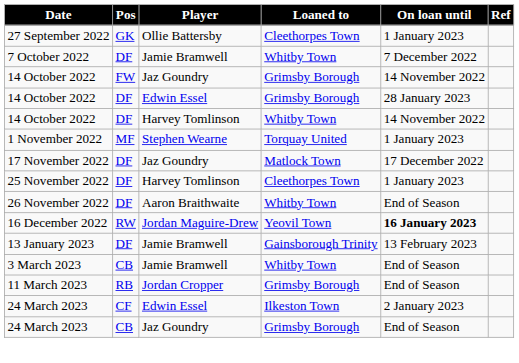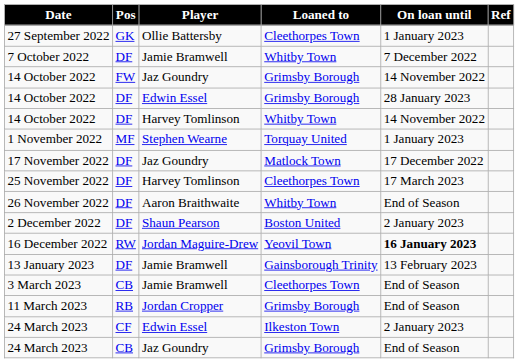 <table class="wikitable plainrowheaders sortable">
 <tr>
 <th style="background:#000000; color:#FFFFFF; ">Date</th>
 <th style="background:#000000; color:#FFFFff; ">Pos</th>
 <th style="background:#000000; color:#FFFFff; ">Player</th>
 <th style="background:#000000; color:#FFFFff; ">Loaned to</th>
 <th style="background:#000000; color:#FFFFff; ">On loan until</th>
 <th style="background:#000000; color:#FFFFff; ">Ref</th>
 </tr>
 <tr>
 <td>27 September 2022</td>
 <td><a href='#'>GK</a></td>
 <td> Ollie Battersby</td>
 <td> <a href='#'>Cleethorpes Town</a></td>
 <td>1 January 2023</td>
 <td></td>
 </tr>
 <tr>
 <td>7 October 2022</td>
 <td><a href='#'>DF</a></td>
 <td> Jamie Bramwell</td>
 <td> <a href='#'>Whitby Town</a></td>
 <td>7 December 2022</td>
 <td></td>
 </tr>
 <tr>
 <td>14 October 2022</td>
 <td><a href='#'>FW</a></td>
 <td> Jaz Goundry</td>
 <td> <a href='#'>Grimsby Borough</a></td>
 <td>14 November 2022</td>
 <td></td>
 </tr>
 <tr>
 <td>14 October 2022</td>
 <td><a href='#'>DF</a></td>
 <td> <a href='#'>Edwin Essel</a></td>
 <td> <a href='#'>Grimsby Borough</a></td>
 <td>28 January 2023</td>
 <td></td>
 </tr>
 <tr>
 <td>14 October 2022</td>
 <td><a href='#'>DF</a></td>
 <td> Harvey Tomlinson</td>
 <td> <a href='#'>Whitby Town</a></td>
 <td>14 November 2022</td>
 <td></td>
 </tr>
 <tr>
 <td>1 November 2022</td>
 <td><a href='#'>MF</a></td>
 <td> <a href='#'>Stephen Wearne</a></td>
 <td> <a href='#'>Torquay United</a></td>
 <td>1 January 2023</td>
 <td></td>
 </tr>
 <tr>
 <td>17 November 2022</td>
 <td><a href='#'>DF</a></td>
 <td> Jaz Goundry</td>
 <td> <a href='#'>Matlock Town</a></td>
 <td>17 December 2022</td>
 <td></td>
 </tr>
 <tr>
 <td>25 November 2022</td>
 <td><a href='#'>DF</a></td>
 <td> Harvey Tomlinson</td>
 <td> <a href='#'>Cleethorpes Town</a></td>
-<td>1 January 2023</td>
+<td>17 March 2023</td>
 <td></td>
 </tr>
 <tr>
 <td>26 November 2022</td>
 <td><a href='#'>DF</a></td>
 <td> Aaron Braithwaite</td>
 <td> <a href='#'>Whitby Town</a></td>
 <td>End of Season</td>
+<td></td>
+</tr>
+<tr>
+<td>2 December 2022</td>
+<td><a href='#'>DF</a></td>
+<td> <a href='#'>Shaun Pearson</a></td>
+<td> <a href='#'>Boston United</a></td>
+<td>2 January 2023</td>
 <td></td>
 </tr>
 <tr>
 <td>16 December 2022</td>
 <td><a href='#'>RW</a></td>
 <td> <a href='#'>Jordan Maguire-Drew</a></td>
 <td> <a href='#'>Yeovil Town</a></td>
 <td><strong>16 January 2023</strong></td>
 <td></td>
 </tr>
 <tr>
 <td>13 January 2023</td>
 <td><a href='#'>DF</a></td>
 <td> Jamie Bramwell</td>
 <td> <a href='#'>Gainsborough Trinity</a></td>
 <td>13 February 2023</td>
 <td></td>
 </tr>
 <tr>
 <td>3 March 2023</td>
 <td><a href='#'>CB</a></td>
 <td> Jamie Bramwell</td>
-<td> <a href='#'>Whitby Town</a></td>
+<td> <a href='#'>Cleethorpes Town</a></td>
 <td>End of Season</td>
 <td></td>
 </tr>
 <tr>
 <td>11 March 2023</td>
 <td><a href='#'>RB</a></td>
 <td> <a href='#'>Jordan Cropper</a></td>
 <td> <a href='#'>Grimsby Borough</a></td>
 <td>End of Season</td>
 <td></td>
 </tr>
 <tr>
 <td>24 March 2023</td>
 <td><a href='#'>CF</a></td>
 <td> <a href='#'>Edwin Essel</a></td>
 <td> <a href='#'>Ilkeston Town</a></td>
 <td>2 January 2023</td>
 <td></td>
 </tr>
 <tr>
 <td>24 March 2023</td>
 <td><a href='#'>CB</a></td>
 <td> Jaz Goundry</td>
 <td> <a href='#'>Grimsby Borough</a></td>
 <td>End of Season</td>
 <td></td>
 </tr>
 </table>
